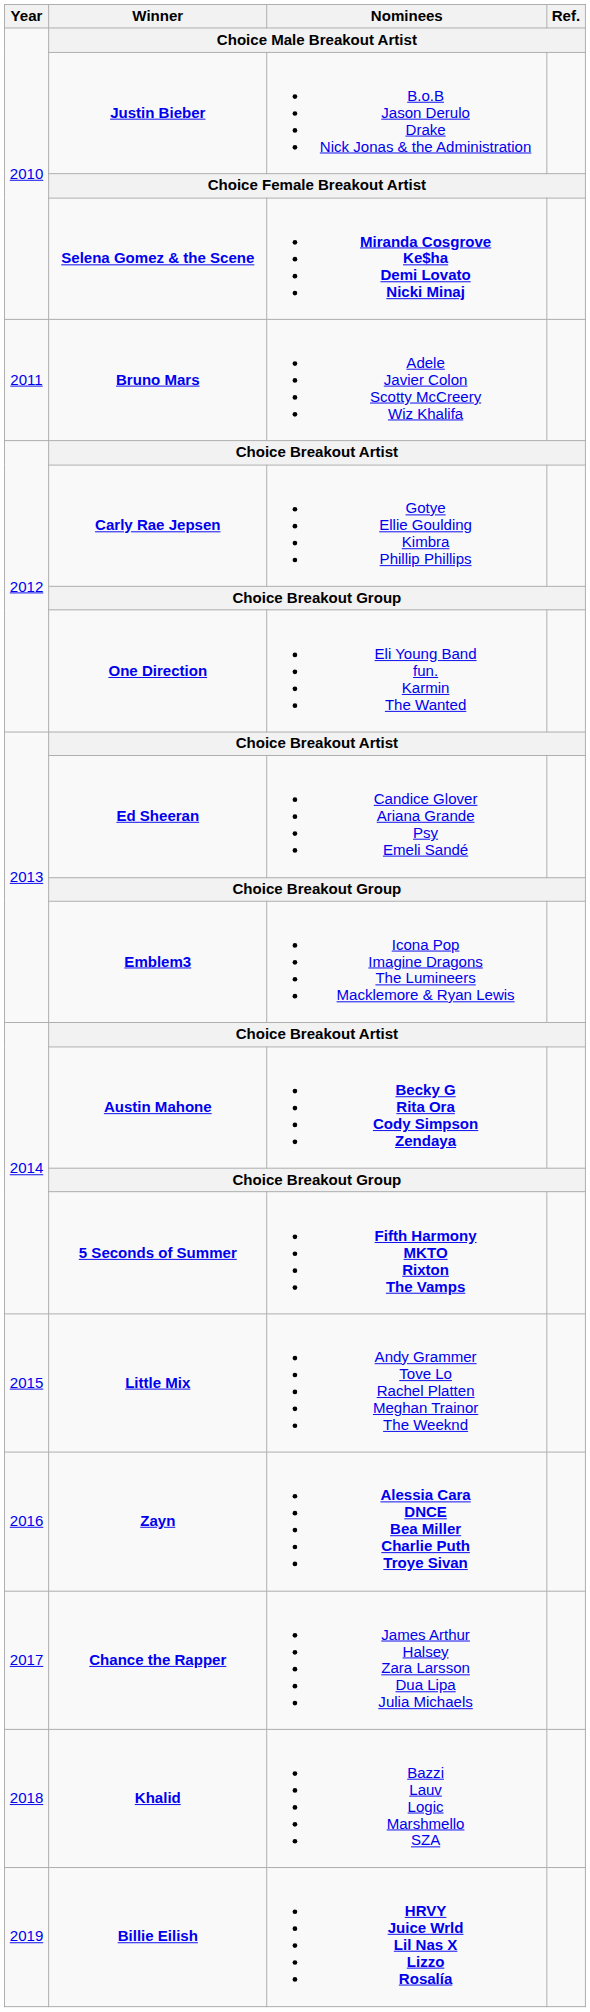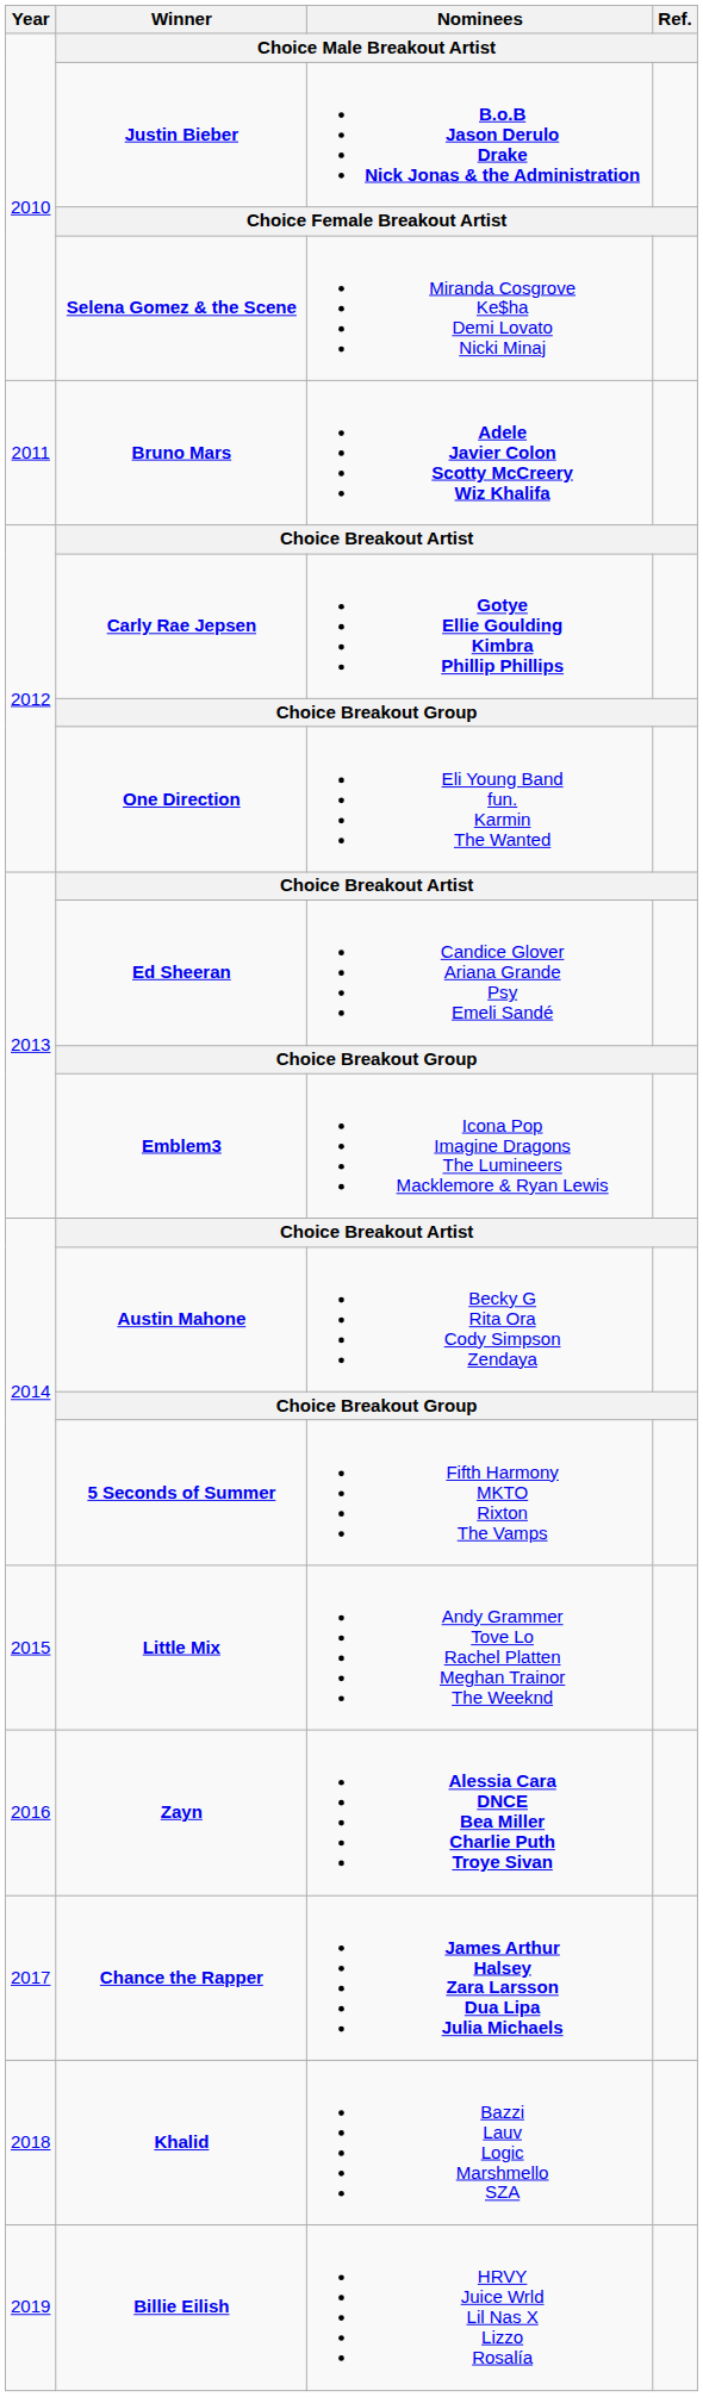 <table class="wikitable" width=70% style=text-align:center;">
 <tr>
 <th>Year</th>
 <th>Winner</th>
 <th>Nominees</th>
 <th>Ref.</th>
 </tr>
 <tr>
 <td rowspan="4"><a href='#'>2010</a></td>
 <th colspan="3">Choice Male Breakout Artist</th>
 </tr>
 <tr>
 <td><strong><a href='#'>Justin Bieber</a></strong></td>
-<td><br><ul><li><a href='#'>B.o.B</a></li><li><a href='#'>Jason Derulo</a></li><li><a href='#'>Drake</a></li><li><a href='#'>Nick Jonas & the Administration</a></li></ul></td>
+<td><strong><br><ul><li><a href='#'>B.o.B</a></li><li><a href='#'>Jason Derulo</a></li><li><a href='#'>Drake</a></li><li><a href='#'>Nick Jonas & the Administration</a></li></ul></strong></td>
 <td></td>
 </tr>
 <tr>
 <th colspan="3">Choice Female Breakout Artist</th>
 </tr>
 <tr>
 <td><strong><a href='#'>Selena Gomez & the Scene</a></strong></td>
-<td><strong><br><ul><li><a href='#'>Miranda Cosgrove</a></li><li><a href='#'>Ke$ha</a></li><li><a href='#'>Demi Lovato</a></li><li><a href='#'>Nicki Minaj</a></li></ul></strong></td>
+<td><br><ul><li><a href='#'>Miranda Cosgrove</a></li><li><a href='#'>Ke$ha</a></li><li><a href='#'>Demi Lovato</a></li><li><a href='#'>Nicki Minaj</a></li></ul></td>
 <td></td>
 </tr>
 <tr>
 <td><a href='#'>2011</a></td>
 <td><strong><a href='#'>Bruno Mars</a></strong></td>
-<td><br><ul><li><a href='#'>Adele</a></li><li><a href='#'>Javier Colon</a></li><li><a href='#'>Scotty McCreery</a></li><li><a href='#'>Wiz Khalifa</a></li></ul></td>
+<td><strong><br><ul><li><a href='#'>Adele</a></li><li><a href='#'>Javier Colon</a></li><li><a href='#'>Scotty McCreery</a></li><li><a href='#'>Wiz Khalifa</a></li></ul></strong></td>
 <td></td>
 </tr>
 <tr>
 <td rowspan="4"><a href='#'>2012</a></td>
 <th colspan="3">Choice Breakout Artist</th>
 </tr>
 <tr>
 <td><strong><a href='#'>Carly Rae Jepsen</a></strong></td>
-<td><br><ul><li><a href='#'>Gotye</a></li><li><a href='#'>Ellie Goulding</a></li><li><a href='#'>Kimbra</a></li><li><a href='#'>Phillip Phillips</a></li></ul></td>
+<td><strong><br><ul><li><a href='#'>Gotye</a></li><li><a href='#'>Ellie Goulding</a></li><li><a href='#'>Kimbra</a></li><li><a href='#'>Phillip Phillips</a></li></ul></strong></td>
 <td></td>
 </tr>
 <tr>
 <th colspan="3">Choice Breakout Group</th>
 </tr>
 <tr>
 <td><strong><a href='#'>One Direction</a></strong></td>
 <td><br><ul><li><a href='#'>Eli Young Band</a></li><li><a href='#'>fun.</a></li><li><a href='#'>Karmin</a></li><li><a href='#'>The Wanted</a></li></ul></td>
 <td></td>
 </tr>
 <tr>
 <td rowspan="4"><a href='#'>2013</a></td>
 <th colspan="3">Choice Breakout Artist</th>
 </tr>
 <tr>
 <td><strong><a href='#'>Ed Sheeran</a></strong></td>
 <td><br><ul><li><a href='#'>Candice Glover</a></li><li><a href='#'>Ariana Grande</a></li><li><a href='#'>Psy</a></li><li><a href='#'>Emeli Sandé</a></li></ul></td>
 <td></td>
 </tr>
 <tr>
 <th colspan="3">Choice Breakout Group</th>
 </tr>
 <tr>
 <td><strong><a href='#'>Emblem3</a></strong></td>
 <td><br><ul><li><a href='#'>Icona Pop</a></li><li><a href='#'>Imagine Dragons</a></li><li><a href='#'>The Lumineers</a></li><li><a href='#'>Macklemore & Ryan Lewis</a></li></ul></td>
 <td></td>
 </tr>
 <tr>
 <td rowspan="4"><a href='#'>2014</a></td>
 <th colspan="3">Choice Breakout Artist</th>
 </tr>
 <tr>
 <td><strong><a href='#'>Austin Mahone</a></strong></td>
-<td><strong><br><ul><li><a href='#'>Becky G</a></li><li><a href='#'>Rita Ora</a></li><li><a href='#'>Cody Simpson</a></li><li><a href='#'>Zendaya</a></li></ul></strong></td>
+<td><br><ul><li><a href='#'>Becky G</a></li><li><a href='#'>Rita Ora</a></li><li><a href='#'>Cody Simpson</a></li><li><a href='#'>Zendaya</a></li></ul></td>
 <td></td>
 </tr>
 <tr>
 <th colspan="3">Choice Breakout Group</th>
 </tr>
 <tr>
 <td><strong><a href='#'>5 Seconds of Summer</a></strong></td>
-<td><strong><br><ul><li><a href='#'>Fifth Harmony</a></li><li><a href='#'>MKTO</a></li><li><a href='#'>Rixton</a></li><li><a href='#'>The Vamps</a></li></ul></strong></td>
+<td><br><ul><li><a href='#'>Fifth Harmony</a></li><li><a href='#'>MKTO</a></li><li><a href='#'>Rixton</a></li><li><a href='#'>The Vamps</a></li></ul></td>
 <td></td>
 </tr>
 <tr>
 <td><a href='#'>2015</a></td>
 <td><strong><a href='#'>Little Mix</a></strong></td>
 <td><br><ul><li><a href='#'>Andy Grammer</a></li><li><a href='#'>Tove Lo</a></li><li><a href='#'>Rachel Platten</a></li><li><a href='#'>Meghan Trainor</a></li><li><a href='#'>The Weeknd</a></li></ul></td>
 <td></td>
 </tr>
 <tr>
 <td><a href='#'>2016</a></td>
 <td><strong><a href='#'>Zayn</a></strong></td>
 <td><strong><br><ul><li><a href='#'>Alessia Cara</a></li><li><a href='#'>DNCE</a></li><li><a href='#'>Bea Miller</a></li><li><a href='#'>Charlie Puth</a></li><li><a href='#'>Troye Sivan</a></li></ul></strong></td>
 <td></td>
 </tr>
 <tr>
 <td><a href='#'>2017</a></td>
 <td><strong><a href='#'>Chance the Rapper</a></strong></td>
-<td><br><ul><li><a href='#'>James Arthur</a></li><li><a href='#'>Halsey</a></li><li><a href='#'>Zara Larsson</a></li><li><a href='#'>Dua Lipa</a></li><li><a href='#'>Julia Michaels</a></li></ul></td>
+<td><strong><br><ul><li><a href='#'>James Arthur</a></li><li><a href='#'>Halsey</a></li><li><a href='#'>Zara Larsson</a></li><li><a href='#'>Dua Lipa</a></li><li><a href='#'>Julia Michaels</a></li></ul></strong></td>
 <td></td>
 </tr>
 <tr>
 <td><a href='#'>2018</a></td>
 <td><strong><a href='#'>Khalid</a></strong></td>
 <td><br><ul><li><a href='#'>Bazzi</a></li><li><a href='#'>Lauv</a></li><li><a href='#'>Logic</a></li><li><a href='#'>Marshmello</a></li><li><a href='#'>SZA</a></li></ul></td>
 <td></td>
 </tr>
 <tr>
 <td><a href='#'>2019</a></td>
 <td><strong><a href='#'>Billie Eilish</a></strong></td>
-<td><strong><br><ul><li><a href='#'>HRVY</a></li><li><a href='#'>Juice Wrld</a></li><li><a href='#'>Lil Nas X</a></li><li><a href='#'>Lizzo</a></li><li><a href='#'>Rosalía</a></li></ul></strong></td>
+<td><br><ul><li><a href='#'>HRVY</a></li><li><a href='#'>Juice Wrld</a></li><li><a href='#'>Lil Nas X</a></li><li><a href='#'>Lizzo</a></li><li><a href='#'>Rosalía</a></li></ul></td>
 <td></td>
 </tr>
 </table>
